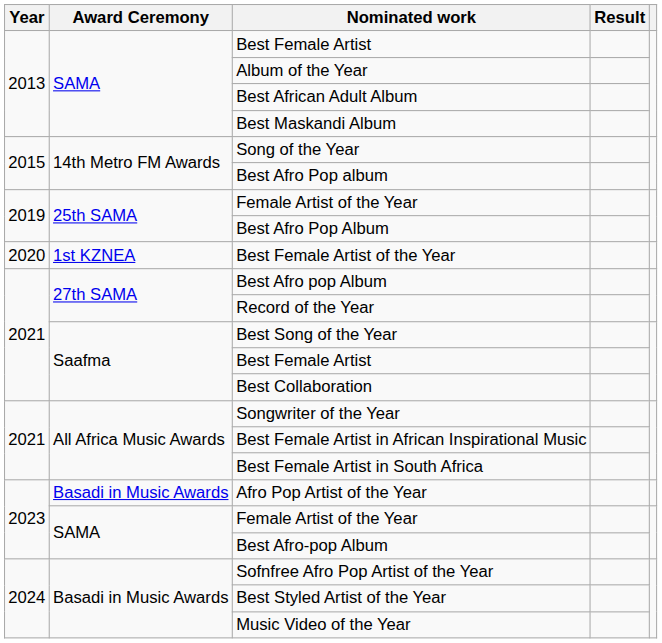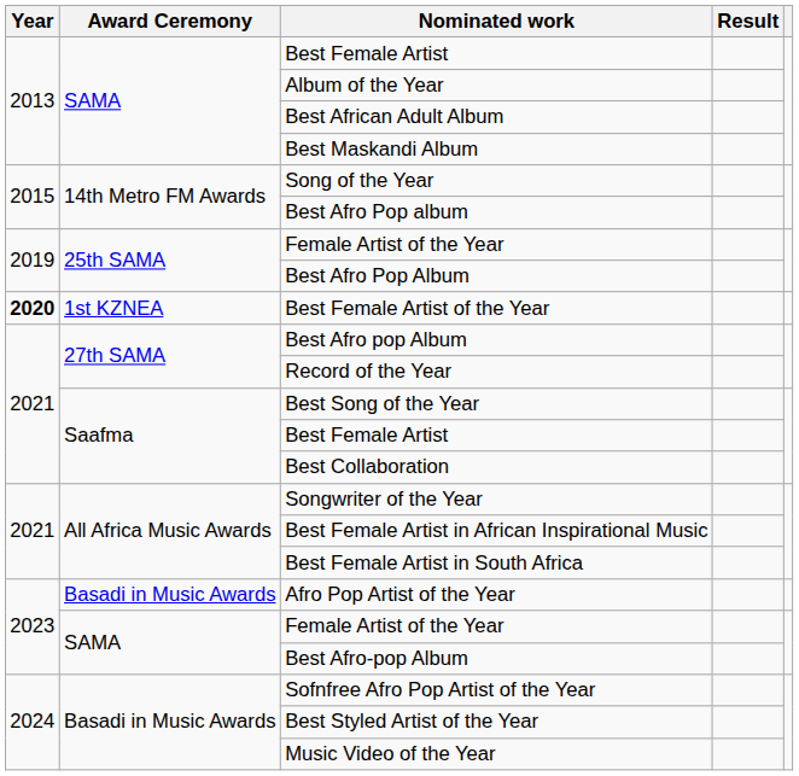 <table class="wikitable">
 <tr>
 <th>Year</th>
 <th>Award Ceremony</th>
 <th>Nominated work</th>
 <th>Result</th>
 <th></th>
 </tr>
 <tr>
 <td rowspan=4>2013</td>
 <td rowspan=4><a href='#'>SAMA</a></td>
 <td>Best Female Artist</td>
 <td></td>
 <td rowspan=4></td>
 </tr>
 <tr>
 <td>Album of the Year</td>
 <td></td>
 </tr>
 <tr>
 <td>Best African Adult Album</td>
 <td></td>
 </tr>
 <tr>
 <td>Best Maskandi Album</td>
 <td></td>
 </tr>
 <tr>
 <td rowspan="2">2015</td>
 <td rowspan="2">14th Metro FM Awards</td>
 <td>Song of the Year</td>
 <td></td>
 <td rowspan="2"></td>
 </tr>
 <tr>
 <td>Best Afro Pop album</td>
 <td></td>
 </tr>
 <tr>
 <td rowspan="2">2019</td>
 <td rowspan="2"><a href='#'>25th SAMA</a></td>
 <td>Female Artist of the Year</td>
 <td></td>
 <td rowspan ="2"></td>
 </tr>
 <tr>
 <td>Best Afro Pop Album</td>
 <td></td>
 </tr>
 <tr>
-<td>2020</td>
+<td><strong>2020</strong></td>
 <td><a href='#'>1st KZNEA</a></td>
 <td>Best Female Artist of the Year</td>
 <td></td>
 <td></td>
 </tr>
 <tr>
 <td rowspan="5">2021</td>
 <td rowspan="2"><a href='#'>27th SAMA</a></td>
 <td>Best Afro pop Album</td>
 <td></td>
 <td rowspan="2"></td>
 </tr>
 <tr>
 <td>Record of the Year</td>
 <td></td>
 </tr>
 <tr>
 <td rowspan="3">Saafma</td>
 <td>Best Song of the Year</td>
 <td></td>
 <td rowspan="3"></td>
 </tr>
 <tr>
 <td>Best Female Artist</td>
 <td></td>
 </tr>
 <tr>
 <td>Best Collaboration</td>
 <td></td>
 </tr>
 <tr>
 <td rowspan="3">2021</td>
 <td rowspan="3">All Africa Music Awards</td>
 <td>Songwriter of the Year</td>
 <td></td>
 <td rowspan="3"></td>
 </tr>
 <tr>
 <td>Best Female Artist in African Inspirational Music</td>
 <td></td>
 </tr>
 <tr>
 <td>Best Female Artist in South Africa</td>
 <td></td>
 </tr>
 <tr>
 <td rowspan=3>2023</td>
 <td><a href='#'>Basadi in Music Awards</a></td>
 <td>Afro Pop Artist of the Year</td>
 <td></td>
 <td></td>
 </tr>
 <tr>
 <td rowspan=2>SAMA</td>
 <td>Female Artist of the Year</td>
 <td></td>
 <td rowspan=2></td>
 </tr>
 <tr>
 <td>Best Afro-pop Album</td>
 <td></td>
 </tr>
 <tr>
 <td rowspan=3>2024</td>
 <td rowspan=3>Basadi in Music Awards</td>
 <td>Sofnfree Afro Pop Artist of the Year</td>
 <td></td>
 <td rowspan=3></td>
 </tr>
 <tr>
 <td>Best Styled Artist of the Year</td>
 <td></td>
 </tr>
 <tr>
 <td>Music Video of the Year</td>
 <td></td>
 </tr>
 </table>
